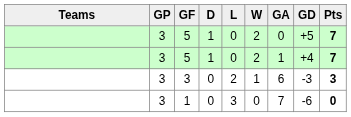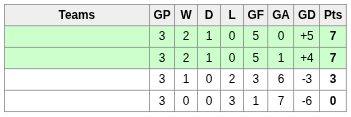 <table style=border-collapse:collapse border=1 cellspacing=0 cellpadding=5>
 <tr align=center bgcolor=#efefef>
 <th width=185>Teams</th>
 <th width=20>GP</th>
-<th width=20>GF</th>
+<th width=20>W</th>
 <th width=20>D</th>
 <th width=20>L</th>
-<th width=20>W</th>
+<th width=20>GF</th>
 <th width=20>GA</th>
 <th width=20>GD</th>
 <th width=20>Pts</th>
 </tr>
 <tr align=center style="background:#ccffcc;">
 <td style="text-align:left;"></td>
 <td>3</td>
-<td>5</td>
+<td>2</td>
 <td>1</td>
 <td>0</td>
-<td>2</td>
+<td>5</td>
 <td>0</td>
 <td>+5</td>
 <td><strong>7</strong></td>
 </tr>
 <tr align=center style="background:#ccffcc;">
 <td style="text-align:left;"></td>
 <td>3</td>
-<td>5</td>
+<td>2</td>
 <td>1</td>
 <td>0</td>
-<td>2</td>
+<td>5</td>
 <td>1</td>
 <td>+4</td>
 <td><strong>7</strong></td>
 </tr>
 <tr align=center>
 <td style="text-align:left;"></td>
 <td>3</td>
-<td>3</td>
+<td>1</td>
 <td>0</td>
 <td>2</td>
-<td>1</td>
+<td>3</td>
 <td>6</td>
 <td>-3</td>
 <td><strong>3</strong></td>
 </tr>
 <tr align=center>
 <td style="text-align:left;"></td>
 <td>3</td>
-<td>1</td>
+<td>0</td>
 <td>0</td>
 <td>3</td>
-<td>0</td>
+<td>1</td>
 <td>7</td>
 <td>-6</td>
 <td><strong>0</strong></td>
 </tr>
 </table>
